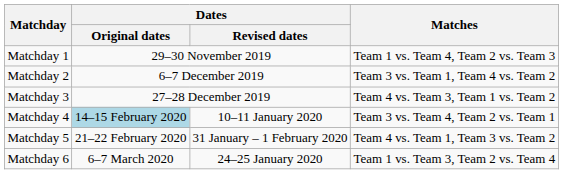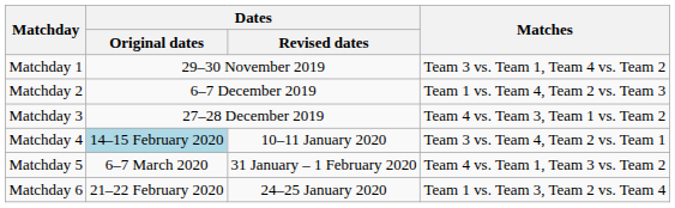 <table class="wikitable" style="text-align:center">
 <tr>
 <th rowspan=2>Matchday</th>
 <th colspan=2>Dates</th>
 <th rowspan=2>Matches</th>
 </tr>
 <tr>
 <th>Original dates</th>
 <th>Revised dates</th>
 </tr>
 <tr>
 <td>Matchday 1</td>
 <td colspan=2>29–30 November 2019</td>
-<td>Team 1 vs. Team 4, Team 2 vs. Team 3</td>
+<td>Team 3 vs. Team 1, Team 4 vs. Team 2</td>
 </tr>
 <tr>
 <td>Matchday 2</td>
 <td colspan=2>6–7 December 2019</td>
-<td>Team 3 vs. Team 1, Team 4 vs. Team 2</td>
+<td>Team 1 vs. Team 4, Team 2 vs. Team 3</td>
 </tr>
 <tr>
 <td>Matchday 3</td>
 <td colspan=2>27–28 December 2019</td>
 <td>Team 4 vs. Team 3, Team 1 vs. Team 2</td>
 </tr>
 <tr>
 <td>Matchday 4</td>
 <td style="background: lightblue;">14–15 February 2020</td>
 <td>10–11 January 2020</td>
 <td>Team 3 vs. Team 4, Team 2 vs. Team 1</td>
 </tr>
 <tr>
 <td>Matchday 5</td>
-<td>21–22 February 2020</td>
+<td>6–7 March 2020</td>
 <td>31 January – 1 February 2020</td>
 <td>Team 4 vs. Team 1, Team 3 vs. Team 2</td>
 </tr>
 <tr>
 <td>Matchday 6</td>
-<td>6–7 March 2020</td>
+<td>21–22 February 2020</td>
 <td>24–25 January 2020</td>
 <td>Team 1 vs. Team 3, Team 2 vs. Team 4</td>
 </tr>
 </table>
